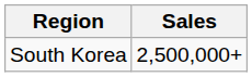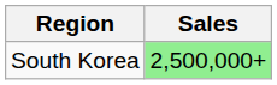 <table class="wikitable">
 <tr>
 <th>Region</th>
 <th>Sales</th>
 </tr>
 <tr>
 <td>South Korea</td>
-<td>2,500,000+</td>
+<td style="background: lightgreen;">2,500,000+</td>
 </tr>
 </table>
